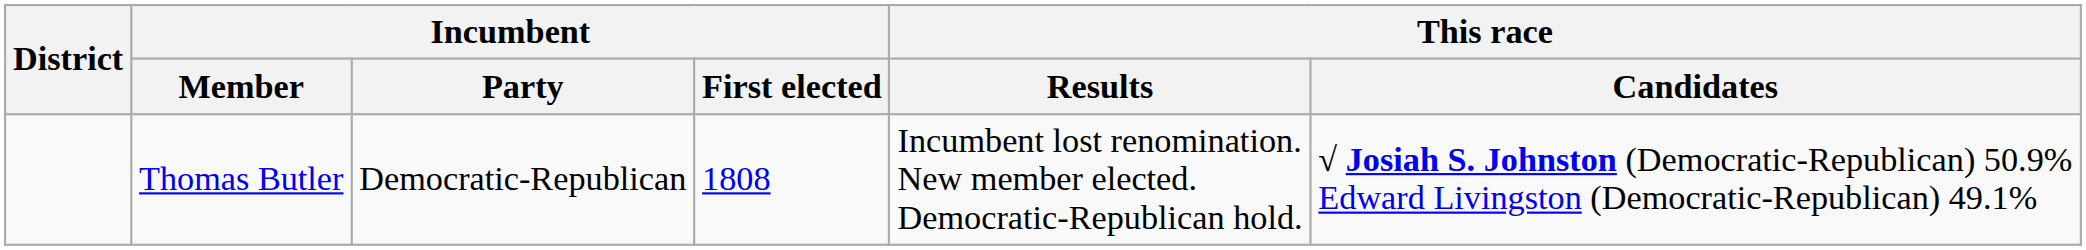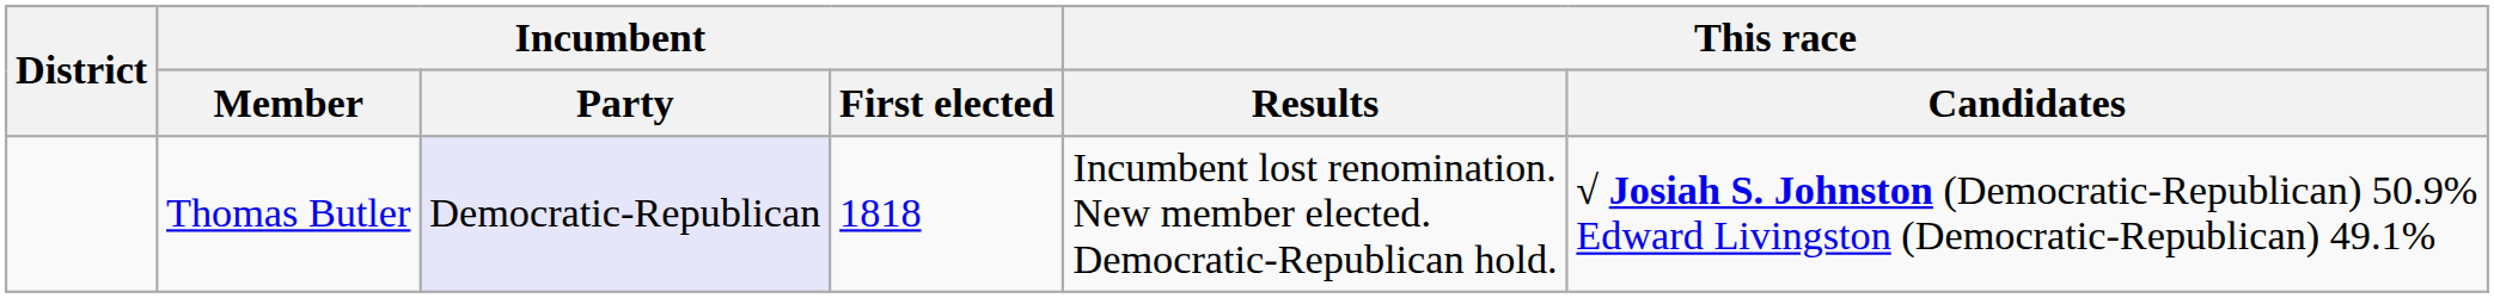 <table class=wikitable>
 <tr>
 <th rowspan=2>District</th>
 <th colspan=3>Incumbent</th>
 <th colspan=2>This race</th>
 </tr>
 <tr>
 <th>Member</th>
 <th>Party</th>
 <th>First elected</th>
 <th>Results</th>
 <th>Candidates</th>
 </tr>
 <tr>
 <td></td>
 <td><a href='#'>Thomas Butler</a></td>
-<td>Democratic-Republican</td>
-<td><a href='#'>1808</a></td>
+<td style="background: lavender;">Democratic-Republican</td>
+<td><a href='#'>1818</a></td>
 <td>Incumbent lost renomination.<br>New member elected.<br>Democratic-Republican hold.</td>
 <td nowrap><strong>√ <a href='#'>Josiah S. Johnston</a></strong> (Democratic-Republican) 50.9%<br><a href='#'>Edward Livingston</a> (Democratic-Republican) 49.1%</td>
 </tr>
 </table>
